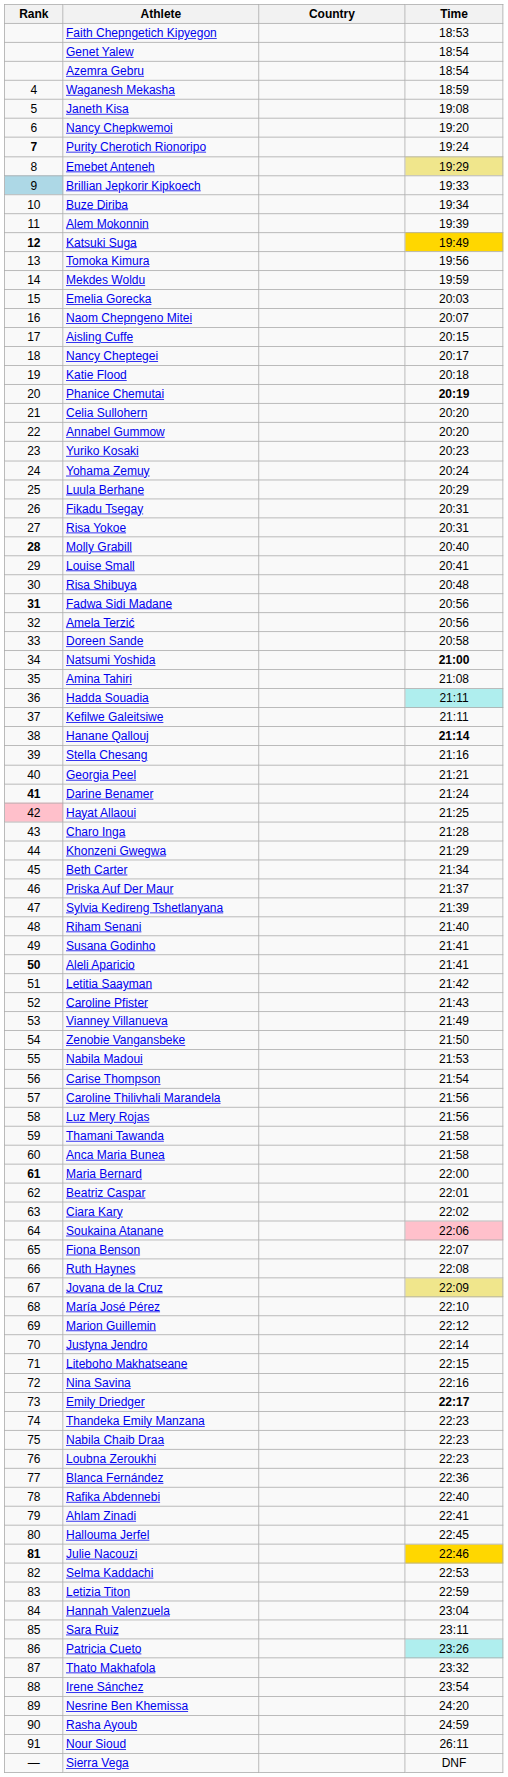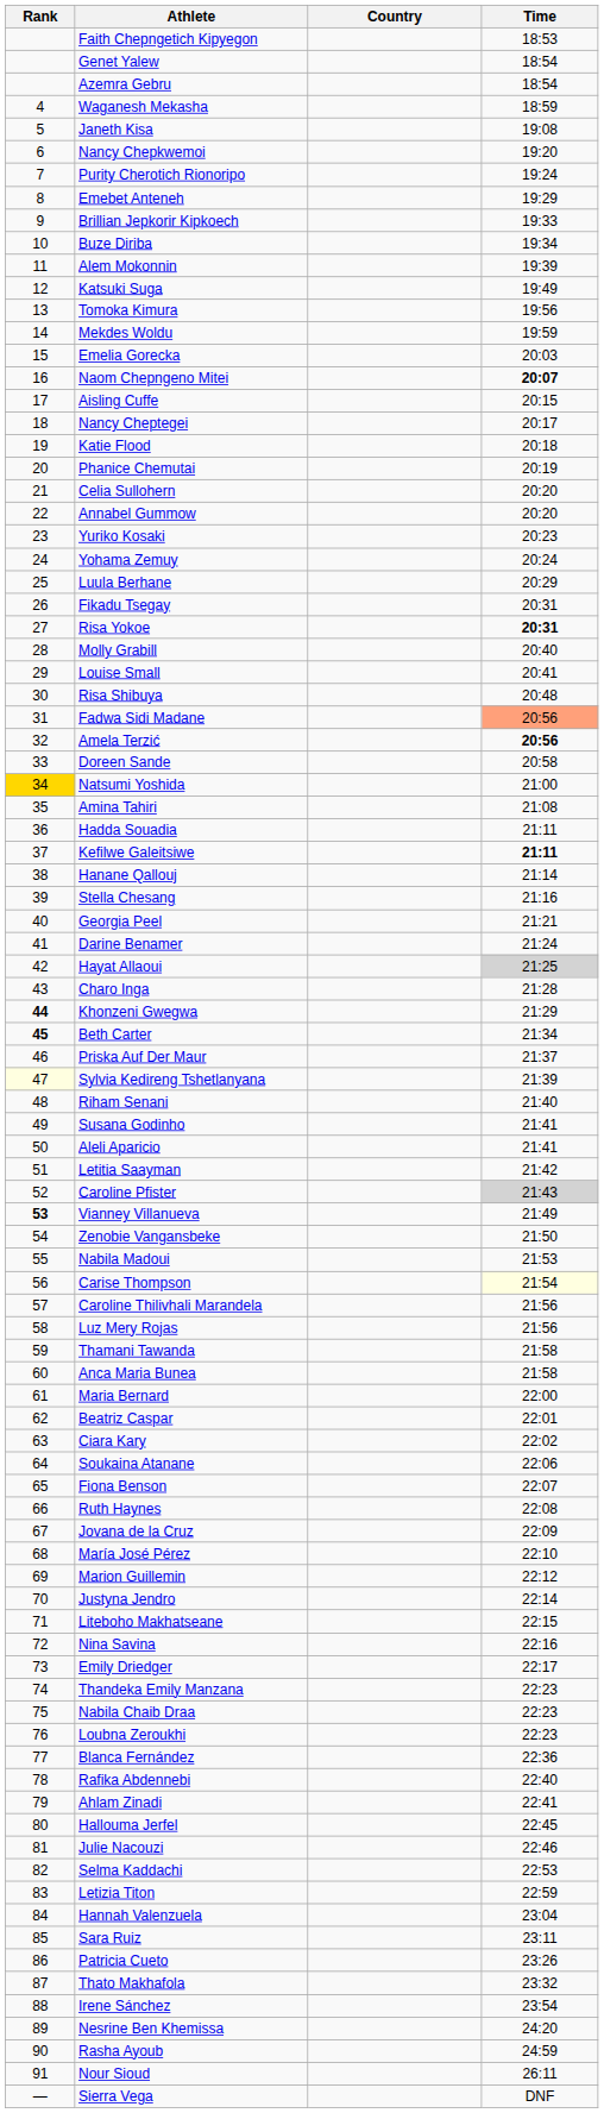 <table class="wikitable sortable" style=" text-align:center; font-size:95%;" width="50%">
 <tr>
 <th width=5%>Rank</th>
 <th width=20%>Athlete</th>
 <th width=15%>Country</th>
 <th width=10%>Time</th>
 </tr>
 <tr>
 <td align=center></td>
 <td align=left><a href='#'>Faith Chepngetich Kipyegon</a></td>
 <td align=left></td>
 <td>18:53</td>
 </tr>
 <tr>
 <td align=center></td>
 <td align=left><a href='#'>Genet Yalew</a></td>
 <td align=left></td>
 <td>18:54</td>
 </tr>
 <tr>
 <td align=center></td>
 <td align=left><a href='#'>Azemra Gebru</a></td>
 <td align=left></td>
 <td>18:54</td>
 </tr>
 <tr>
 <td align=center>4</td>
 <td align=left><a href='#'>Waganesh Mekasha</a></td>
 <td align=left></td>
 <td>18:59</td>
 </tr>
 <tr>
 <td align=center>5</td>
 <td align=left><a href='#'>Janeth Kisa</a></td>
 <td align=left></td>
 <td>19:08</td>
 </tr>
 <tr>
 <td align=center>6</td>
 <td align=left><a href='#'>Nancy Chepkwemoi</a></td>
 <td align=left></td>
 <td>19:20</td>
 </tr>
 <tr>
-<td align=center><strong>7</strong></td>
+<td align=center>7</td>
 <td align=left><a href='#'>Purity Cherotich Rionoripo</a></td>
 <td align=left></td>
 <td>19:24</td>
 </tr>
 <tr>
 <td align=center>8</td>
 <td align=left><a href='#'>Emebet Anteneh</a></td>
 <td align=left></td>
-<td style="background: khaki;">19:29</td>
+<td>19:29</td>
 </tr>
 <tr>
-<td align=center style="background: lightblue;">9</td>
+<td align=center>9</td>
 <td align=left><a href='#'>Brillian Jepkorir Kipkoech</a></td>
 <td align=left></td>
 <td>19:33</td>
 </tr>
 <tr>
 <td align=center>10</td>
 <td align=left><a href='#'>Buze Diriba</a></td>
 <td align=left></td>
 <td>19:34</td>
 </tr>
 <tr>
 <td align=center>11</td>
 <td align=left><a href='#'>Alem Mokonnin</a></td>
 <td align=left></td>
 <td>19:39</td>
 </tr>
 <tr>
-<td align=center><strong>12</strong></td>
+<td align=center>12</td>
 <td align=left><a href='#'>Katsuki Suga</a></td>
 <td align=left></td>
-<td style="background: gold;">19:49</td>
+<td>19:49</td>
 </tr>
 <tr>
 <td align=center>13</td>
 <td align=left><a href='#'>Tomoka Kimura</a></td>
 <td align=left></td>
 <td>19:56</td>
 </tr>
 <tr>
 <td align=center>14</td>
 <td align=left><a href='#'>Mekdes Woldu</a></td>
 <td align=left></td>
 <td>19:59</td>
 </tr>
 <tr>
 <td align=center>15</td>
 <td align=left><a href='#'>Emelia Gorecka</a></td>
 <td align=left></td>
 <td>20:03</td>
 </tr>
 <tr>
 <td align=center>16</td>
 <td align=left><a href='#'>Naom Chepngeno Mitei</a></td>
 <td align=left></td>
-<td>20:07</td>
+<td><strong>20:07</strong></td>
 </tr>
 <tr>
 <td align=center>17</td>
 <td align=left><a href='#'>Aisling Cuffe</a></td>
 <td align=left></td>
 <td>20:15</td>
 </tr>
 <tr>
 <td align=center>18</td>
 <td align=left><a href='#'>Nancy Cheptegei</a></td>
 <td align=left></td>
 <td>20:17</td>
 </tr>
 <tr>
 <td align=center>19</td>
 <td align=left><a href='#'>Katie Flood</a></td>
 <td align=left></td>
 <td>20:18</td>
 </tr>
 <tr>
 <td align=center>20</td>
 <td align=left><a href='#'>Phanice Chemutai</a></td>
 <td align=left></td>
-<td><strong>20:19</strong></td>
+<td>20:19</td>
 </tr>
 <tr>
 <td align=center>21</td>
 <td align=left><a href='#'>Celia Sullohern</a></td>
 <td align=left></td>
 <td>20:20</td>
 </tr>
 <tr>
 <td align=center>22</td>
 <td align=left><a href='#'>Annabel Gummow</a></td>
 <td align=left></td>
 <td>20:20</td>
 </tr>
 <tr>
 <td align=center>23</td>
 <td align=left><a href='#'>Yuriko Kosaki</a></td>
 <td align=left></td>
 <td>20:23</td>
 </tr>
 <tr>
 <td align=center>24</td>
 <td align=left><a href='#'>Yohama Zemuy</a></td>
 <td align=left></td>
 <td>20:24</td>
 </tr>
 <tr>
 <td align=center>25</td>
 <td align=left><a href='#'>Luula Berhane</a></td>
 <td align=left></td>
 <td>20:29</td>
 </tr>
 <tr>
 <td align=center>26</td>
 <td align=left><a href='#'>Fikadu Tsegay</a></td>
 <td align=left></td>
 <td>20:31</td>
 </tr>
 <tr>
 <td align=center>27</td>
 <td align=left><a href='#'>Risa Yokoe</a></td>
 <td align=left></td>
-<td>20:31</td>
+<td><strong>20:31</strong></td>
 </tr>
 <tr>
-<td align=center><strong>28</strong></td>
+<td align=center>28</td>
 <td align=left><a href='#'>Molly Grabill</a></td>
 <td align=left></td>
 <td>20:40</td>
 </tr>
 <tr>
 <td align=center>29</td>
 <td align=left><a href='#'>Louise Small</a></td>
 <td align=left></td>
 <td>20:41</td>
 </tr>
 <tr>
 <td align=center>30</td>
 <td align=left><a href='#'>Risa Shibuya</a></td>
 <td align=left></td>
 <td>20:48</td>
 </tr>
 <tr>
-<td align=center><strong>31</strong></td>
+<td align=center>31</td>
 <td align=left><a href='#'>Fadwa Sidi Madane</a></td>
 <td align=left></td>
-<td>20:56</td>
+<td style="background: lightsalmon;">20:56</td>
 </tr>
 <tr>
 <td align=center>32</td>
 <td align=left><a href='#'>Amela Terzić</a></td>
 <td align=left></td>
-<td>20:56</td>
+<td><strong>20:56</strong></td>
 </tr>
 <tr>
 <td align=center>33</td>
 <td align=left><a href='#'>Doreen Sande</a></td>
 <td align=left></td>
 <td>20:58</td>
 </tr>
 <tr>
-<td align=center>34</td>
+<td align=center style="background: gold;">34</td>
 <td align=left><a href='#'>Natsumi Yoshida</a></td>
 <td align=left></td>
-<td><strong>21:00</strong></td>
+<td>21:00</td>
 </tr>
 <tr>
 <td align=center>35</td>
 <td align=left><a href='#'>Amina Tahiri</a></td>
 <td align=left></td>
 <td>21:08</td>
 </tr>
 <tr>
 <td align=center>36</td>
 <td align=left><a href='#'>Hadda Souadia</a></td>
 <td align=left></td>
-<td style="background: paleturquoise;">21:11</td>
+<td>21:11</td>
 </tr>
 <tr>
 <td align=center>37</td>
 <td align=left><a href='#'>Kefilwe Galeitsiwe</a></td>
 <td align=left></td>
-<td>21:11</td>
+<td><strong>21:11</strong></td>
 </tr>
 <tr>
 <td align=center>38</td>
 <td align=left><a href='#'>Hanane Qallouj</a></td>
 <td align=left></td>
-<td><strong>21:14</strong></td>
+<td>21:14</td>
 </tr>
 <tr>
 <td align=center>39</td>
 <td align=left><a href='#'>Stella Chesang</a></td>
 <td align=left></td>
 <td>21:16</td>
 </tr>
 <tr>
 <td align=center>40</td>
 <td align=left><a href='#'>Georgia Peel</a></td>
 <td align=left></td>
 <td>21:21</td>
 </tr>
 <tr>
-<td align=center><strong>41</strong></td>
+<td align=center>41</td>
 <td align=left><a href='#'>Darine Benamer</a></td>
 <td align=left></td>
 <td>21:24</td>
 </tr>
 <tr>
-<td align=center style="background: pink;">42</td>
+<td align=center>42</td>
 <td align=left><a href='#'>Hayat Allaoui</a></td>
 <td align=left></td>
-<td>21:25</td>
+<td style="background: lightgrey;">21:25</td>
 </tr>
 <tr>
 <td align=center>43</td>
 <td align=left><a href='#'>Charo Inga</a></td>
 <td align=left></td>
 <td>21:28</td>
 </tr>
 <tr>
-<td align=center>44</td>
+<td align=center><strong>44</strong></td>
 <td align=left><a href='#'>Khonzeni Gwegwa</a></td>
 <td align=left></td>
 <td>21:29</td>
 </tr>
 <tr>
-<td align=center>45</td>
+<td align=center><strong>45</strong></td>
 <td align=left><a href='#'>Beth Carter</a></td>
 <td align=left></td>
 <td>21:34</td>
 </tr>
 <tr>
 <td align=center>46</td>
 <td align=left><a href='#'>Priska Auf Der Maur</a></td>
 <td align=left></td>
 <td>21:37</td>
 </tr>
 <tr>
-<td align=center>47</td>
+<td align=center style="background: lightyellow;">47</td>
 <td align=left><a href='#'>Sylvia Kedireng Tshetlanyana</a></td>
 <td align=left></td>
 <td>21:39</td>
 </tr>
 <tr>
 <td align=center>48</td>
 <td align=left><a href='#'>Riham Senani</a></td>
 <td align=left></td>
 <td>21:40</td>
 </tr>
 <tr>
 <td align=center>49</td>
 <td align=left><a href='#'>Susana Godinho</a></td>
 <td align=left></td>
 <td>21:41</td>
 </tr>
 <tr>
-<td align=center><strong>50</strong></td>
+<td align=center>50</td>
 <td align=left><a href='#'>Aleli Aparicio</a></td>
 <td align=left></td>
 <td>21:41</td>
 </tr>
 <tr>
 <td align=center>51</td>
 <td align=left><a href='#'>Letitia Saayman</a></td>
 <td align=left></td>
 <td>21:42</td>
 </tr>
 <tr>
 <td align=center>52</td>
 <td align=left><a href='#'>Caroline Pfister</a></td>
 <td align=left></td>
-<td>21:43</td>
+<td style="background: lightgrey;">21:43</td>
 </tr>
 <tr>
-<td align=center>53</td>
+<td align=center><strong>53</strong></td>
 <td align=left><a href='#'>Vianney Villanueva</a></td>
 <td align=left></td>
 <td>21:49</td>
 </tr>
 <tr>
 <td align=center>54</td>
 <td align=left><a href='#'>Zenobie Vangansbeke</a></td>
 <td align=left></td>
 <td>21:50</td>
 </tr>
 <tr>
 <td align=center>55</td>
 <td align=left><a href='#'>Nabila Madoui</a></td>
 <td align=left></td>
 <td>21:53</td>
 </tr>
 <tr>
 <td align=center>56</td>
 <td align=left><a href='#'>Carise Thompson</a></td>
 <td align=left></td>
-<td>21:54</td>
+<td style="background: lightyellow;">21:54</td>
 </tr>
 <tr>
 <td align=center>57</td>
 <td align=left><a href='#'>Caroline Thilivhali Marandela</a></td>
 <td align=left></td>
 <td>21:56</td>
 </tr>
 <tr>
 <td align=center>58</td>
 <td align=left><a href='#'>Luz Mery Rojas</a></td>
 <td align=left></td>
 <td>21:56</td>
 </tr>
 <tr>
 <td align=center>59</td>
 <td align=left><a href='#'>Thamani Tawanda</a></td>
 <td align=left></td>
 <td>21:58</td>
 </tr>
 <tr>
 <td align=center>60</td>
 <td align=left><a href='#'>Anca Maria Bunea</a></td>
 <td align=left></td>
 <td>21:58</td>
 </tr>
 <tr>
-<td align=center><strong>61</strong></td>
+<td align=center>61</td>
 <td align=left><a href='#'>Maria Bernard</a></td>
 <td align=left></td>
 <td>22:00</td>
 </tr>
 <tr>
 <td align=center>62</td>
 <td align=left><a href='#'>Beatriz Caspar</a></td>
 <td align=left></td>
 <td>22:01</td>
 </tr>
 <tr>
 <td align=center>63</td>
 <td align=left><a href='#'>Ciara Kary</a></td>
 <td align=left></td>
 <td>22:02</td>
 </tr>
 <tr>
 <td align=center>64</td>
 <td align=left><a href='#'>Soukaina Atanane</a></td>
 <td align=left></td>
-<td style="background: pink;">22:06</td>
+<td>22:06</td>
 </tr>
 <tr>
 <td align=center>65</td>
 <td align=left><a href='#'>Fiona Benson</a></td>
 <td align=left></td>
 <td>22:07</td>
 </tr>
 <tr>
 <td align=center>66</td>
 <td align=left><a href='#'>Ruth Haynes</a></td>
 <td align=left></td>
 <td>22:08</td>
 </tr>
 <tr>
 <td align=center>67</td>
 <td align=left><a href='#'>Jovana de la Cruz</a></td>
 <td align=left></td>
-<td style="background: khaki;">22:09</td>
+<td>22:09</td>
 </tr>
 <tr>
 <td align=center>68</td>
 <td align=left><a href='#'>María José Pérez</a></td>
 <td align=left></td>
 <td>22:10</td>
 </tr>
 <tr>
 <td align=center>69</td>
 <td align=left><a href='#'>Marion Guillemin</a></td>
 <td align=left></td>
 <td>22:12</td>
 </tr>
 <tr>
 <td align=center>70</td>
 <td align=left><a href='#'>Justyna Jendro</a></td>
 <td align=left></td>
 <td>22:14</td>
 </tr>
 <tr>
 <td align=center>71</td>
 <td align=left><a href='#'>Liteboho Makhatseane</a></td>
 <td align=left></td>
 <td>22:15</td>
 </tr>
 <tr>
 <td align=center>72</td>
 <td align=left><a href='#'>Nina Savina</a></td>
 <td align=left></td>
 <td>22:16</td>
 </tr>
 <tr>
 <td align=center>73</td>
 <td align=left><a href='#'>Emily Driedger</a></td>
 <td align=left></td>
-<td><strong>22:17</strong></td>
+<td>22:17</td>
 </tr>
 <tr>
 <td align=center>74</td>
 <td align=left><a href='#'>Thandeka Emily Manzana</a></td>
 <td align=left></td>
 <td>22:23</td>
 </tr>
 <tr>
 <td align=center>75</td>
 <td align=left><a href='#'>Nabila Chaib Draa</a></td>
 <td align=left></td>
 <td>22:23</td>
 </tr>
 <tr>
 <td align=center>76</td>
 <td align=left><a href='#'>Loubna Zeroukhi</a></td>
 <td align=left></td>
 <td>22:23</td>
 </tr>
 <tr>
 <td align=center>77</td>
 <td align=left><a href='#'>Blanca Fernández</a></td>
 <td align=left></td>
 <td>22:36</td>
 </tr>
 <tr>
 <td align=center>78</td>
 <td align=left><a href='#'>Rafika Abdennebi</a></td>
 <td align=left></td>
 <td>22:40</td>
 </tr>
 <tr>
 <td align=center>79</td>
 <td align=left><a href='#'>Ahlam Zinadi</a></td>
 <td align=left></td>
 <td>22:41</td>
 </tr>
 <tr>
 <td align=center>80</td>
 <td align=left><a href='#'>Hallouma Jerfel</a></td>
 <td align=left></td>
 <td>22:45</td>
 </tr>
 <tr>
-<td align=center><strong>81</strong></td>
+<td align=center>81</td>
 <td align=left><a href='#'>Julie Nacouzi</a></td>
 <td align=left></td>
-<td style="background: gold;">22:46</td>
+<td>22:46</td>
 </tr>
 <tr>
 <td align=center>82</td>
 <td align=left><a href='#'>Selma Kaddachi</a></td>
 <td align=left></td>
 <td>22:53</td>
 </tr>
 <tr>
 <td align=center>83</td>
 <td align=left><a href='#'>Letizia Titon</a></td>
 <td align=left></td>
 <td>22:59</td>
 </tr>
 <tr>
 <td align=center>84</td>
 <td align=left><a href='#'>Hannah Valenzuela</a></td>
 <td align=left></td>
 <td>23:04</td>
 </tr>
 <tr>
 <td align=center>85</td>
 <td align=left><a href='#'>Sara Ruiz</a></td>
 <td align=left></td>
 <td>23:11</td>
 </tr>
 <tr>
 <td align=center>86</td>
 <td align=left><a href='#'>Patricia Cueto</a></td>
 <td align=left></td>
-<td style="background: paleturquoise;">23:26</td>
+<td>23:26</td>
 </tr>
 <tr>
 <td align=center>87</td>
 <td align=left><a href='#'>Thato Makhafola</a></td>
 <td align=left></td>
 <td>23:32</td>
 </tr>
 <tr>
 <td align=center>88</td>
 <td align=left><a href='#'>Irene Sánchez</a></td>
 <td align=left></td>
 <td>23:54</td>
 </tr>
 <tr>
 <td align=center>89</td>
 <td align=left><a href='#'>Nesrine Ben Khemissa</a></td>
 <td align=left></td>
 <td>24:20</td>
 </tr>
 <tr>
 <td align=center>90</td>
 <td align=left><a href='#'>Rasha Ayoub</a></td>
 <td align=left></td>
 <td>24:59</td>
 </tr>
 <tr>
 <td align=center>91</td>
 <td align=left><a href='#'>Nour Sioud</a></td>
 <td align=left></td>
 <td>26:11</td>
 </tr>
 <tr>
 <td align=center>—</td>
 <td align=left><a href='#'>Sierra Vega</a></td>
 <td align=left></td>
 <td>DNF</td>
 </tr>
 </table>
